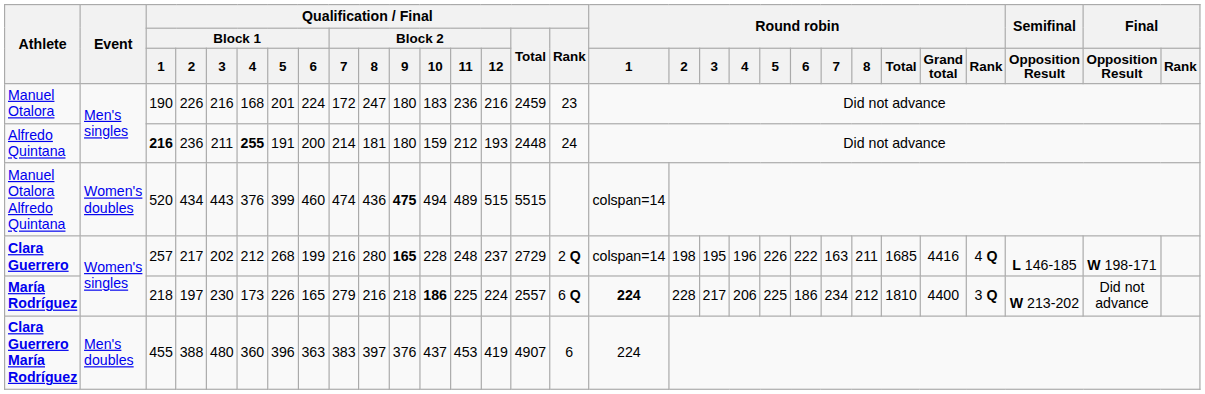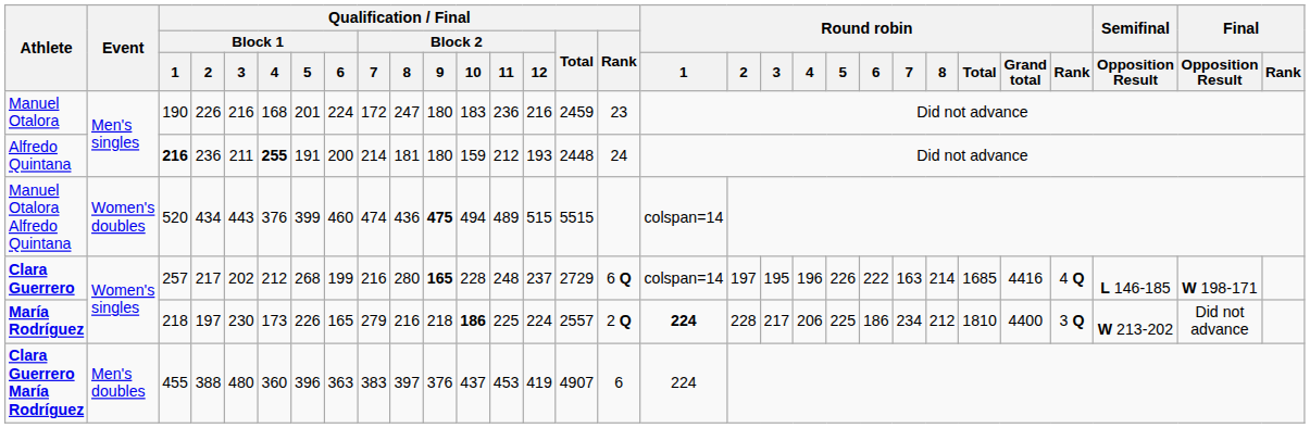 <table class=wikitable style=font-size:75%;text-align:center>
 <tr>
 <th rowspan=3>Athlete</th>
 <th rowspan=3>Event</th>
 <th colspan=14>Qualification / Final</th>
 <th colspan=11 rowspan=2>Round robin</th>
 <th rowspan=2>Semifinal</th>
 <th rowspan=2 colspan=2>Final</th>
 </tr>
 <tr style=font-size:95%>
 <th colspan=6>Block 1</th>
 <th colspan=6>Block 2</th>
 <th rowspan=2>Total</th>
 <th rowspan=2>Rank</th>
 </tr>
 <tr style=font-size:95%>
 <th>1</th>
 <th>2</th>
 <th>3</th>
 <th>4</th>
 <th>5</th>
 <th>6</th>
 <th>7</th>
 <th>8</th>
 <th>9</th>
 <th>10</th>
 <th>11</th>
 <th>12</th>
 <th>1</th>
 <th>2</th>
 <th>3</th>
 <th>4</th>
 <th>5</th>
 <th>6</th>
 <th>7</th>
 <th>8</th>
 <th>Total</th>
 <th>Grand total</th>
 <th>Rank</th>
 <th>Opposition<br>Result</th>
 <th>Opposition<br>Result</th>
 <th>Rank</th>
 </tr>
 <tr>
 <td align=left><a href='#'>Manuel Otalora</a></td>
 <td align=left rowspan=2><a href='#'>Men's singles</a></td>
 <td>190</td>
 <td>226</td>
 <td>216</td>
 <td>168</td>
 <td>201</td>
 <td>224</td>
 <td>172</td>
 <td>247</td>
 <td>180</td>
 <td>183</td>
 <td>236</td>
 <td>216</td>
 <td>2459</td>
 <td>23</td>
 <td colspan=14>Did not advance</td>
 </tr>
 <tr>
 <td align=left><a href='#'>Alfredo Quintana</a></td>
 <td><strong>216</strong></td>
 <td>236</td>
 <td>211</td>
 <td><strong>255</strong></td>
 <td>191</td>
 <td>200</td>
 <td>214</td>
 <td>181</td>
 <td>180</td>
 <td>159</td>
 <td>212</td>
 <td>193</td>
 <td>2448</td>
 <td>24</td>
 <td colspan=14>Did not advance</td>
 </tr>
 <tr>
 <td align=left><a href='#'>Manuel Otalora</a><br><a href='#'>Alfredo Quintana</a></td>
 <td align=left><a href='#'>Women's doubles</a></td>
 <td>520</td>
 <td>434</td>
 <td>443</td>
 <td>376</td>
 <td>399</td>
 <td>460</td>
 <td>474</td>
 <td>436</td>
 <td><strong>475</strong></td>
 <td>494</td>
 <td>489</td>
 <td>515</td>
 <td>5515</td>
 <td></td>
 <td>colspan=14 </td>
 </tr>
 <tr>
 <td align=left><strong><a href='#'>Clara Guerrero</a></strong></td>
 <td align=left rowspan=2><a href='#'>Women's singles</a></td>
 <td>257</td>
 <td>217</td>
 <td>202</td>
 <td>212</td>
 <td>268</td>
 <td>199</td>
 <td>216</td>
 <td>280</td>
 <td><strong>165</strong></td>
 <td>228</td>
 <td>248</td>
 <td>237</td>
 <td>2729</td>
-<td>2 <strong>Q</strong></td>
+<td>6 <strong>Q</strong></td>
 <td>colspan=14 </td>
-<td>198</td>
+<td>197</td>
 <td>195</td>
 <td>196</td>
 <td>226</td>
 <td>222</td>
 <td>163</td>
-<td>211</td>
+<td>214</td>
 <td>1685</td>
 <td>4416</td>
 <td>4 <strong>Q</strong></td>
 <td><br><strong>L</strong> 146-185</td>
 <td><br><strong>W</strong> 198-171</td>
 <td></td>
 </tr>
 <tr>
 <td align=left><strong><a href='#'>María Rodríguez</a></strong></td>
 <td>218</td>
 <td>197</td>
 <td>230</td>
 <td>173</td>
 <td>226</td>
 <td>165</td>
 <td>279</td>
 <td>216</td>
 <td>218</td>
 <td><strong>186</strong></td>
 <td>225</td>
 <td>224</td>
 <td>2557</td>
-<td>6 <strong>Q</strong></td>
+<td>2 <strong>Q</strong></td>
 <td><strong>224</strong></td>
 <td>228</td>
 <td>217</td>
 <td>206</td>
 <td>225</td>
 <td>186</td>
 <td>234</td>
 <td>212</td>
 <td>1810</td>
 <td>4400</td>
 <td>3 <strong>Q</strong></td>
 <td><br><strong>W</strong> 213-202</td>
 <td>Did not advance</td>
 <td></td>
 </tr>
 <tr>
 <td align=left><strong><a href='#'>Clara Guerrero</a><br><a href='#'>María Rodríguez</a></strong></td>
 <td align=left><a href='#'>Men's doubles</a></td>
 <td>455</td>
 <td>388</td>
 <td>480</td>
 <td>360</td>
 <td>396</td>
 <td>363</td>
 <td>383</td>
 <td>397</td>
 <td>376</td>
 <td>437</td>
 <td>453</td>
 <td>419</td>
 <td>4907</td>
 <td>6</td>
 <td>224</td>
 </tr>
 </table>
